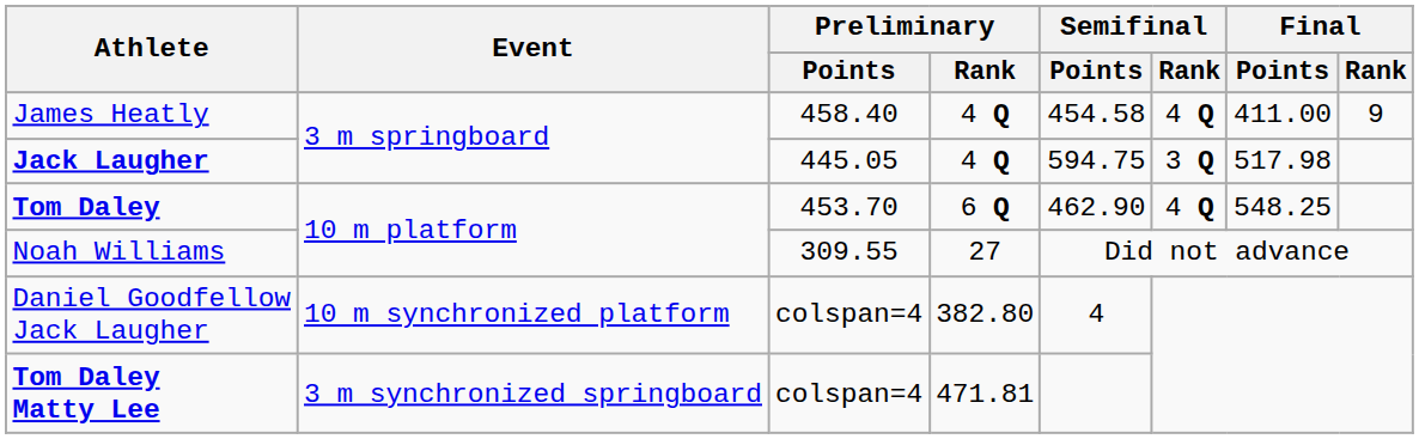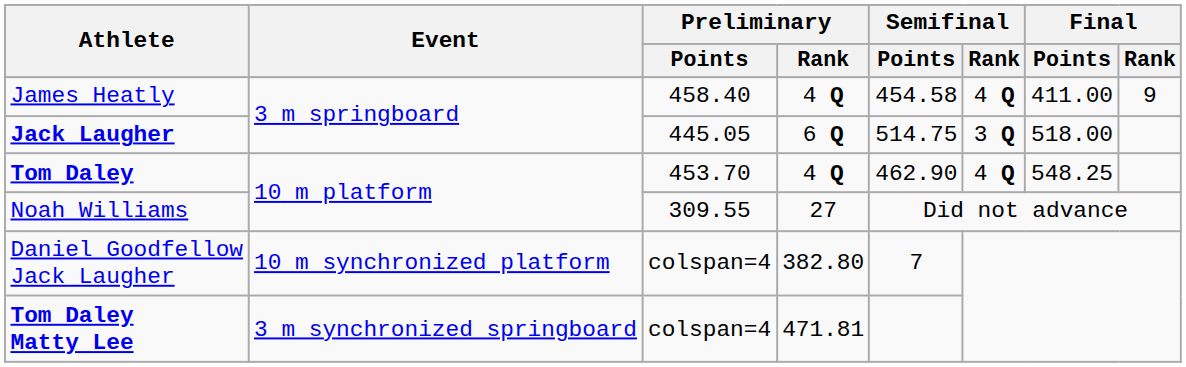 <table class=wikitable style=font-size:90%;text-align:center>
 <tr>
 <th rowspan=2>Athlete</th>
 <th rowspan=2>Event</th>
 <th colspan=2>Preliminary</th>
 <th colspan=2>Semifinal</th>
 <th colspan=2>Final</th>
 </tr>
 <tr style=font-size:95%>
 <th>Points</th>
 <th>Rank</th>
 <th>Points</th>
 <th>Rank</th>
 <th>Points</th>
 <th>Rank</th>
 </tr>
 <tr>
 <td align=left><a href='#'>James Heatly</a></td>
 <td align=left rowspan=2><a href='#'>3 m springboard</a></td>
 <td>458.40</td>
 <td>4 <strong>Q</strong></td>
 <td>454.58</td>
 <td>4 <strong>Q</strong></td>
 <td>411.00</td>
 <td>9</td>
 </tr>
 <tr>
 <td align=left><strong><a href='#'>Jack Laugher</a></strong></td>
 <td>445.05</td>
-<td>4 <strong>Q</strong></td>
-<td>594.75</td>
+<td>6 <strong>Q</strong></td>
+<td>514.75</td>
 <td>3 <strong>Q</strong></td>
-<td>517.98</td>
+<td>518.00</td>
 <td></td>
 </tr>
 <tr>
 <td align=left><strong><a href='#'>Tom Daley</a></strong></td>
 <td align=left rowspan=2><a href='#'>10 m platform</a></td>
 <td>453.70</td>
-<td>6 <strong>Q</strong></td>
+<td>4 <strong>Q</strong></td>
 <td>462.90</td>
 <td>4 <strong>Q</strong></td>
 <td>548.25</td>
 <td></td>
 </tr>
 <tr>
 <td align=left><a href='#'>Noah Williams</a></td>
 <td>309.55</td>
 <td>27</td>
 <td colspan=4>Did not advance</td>
 </tr>
 <tr>
 <td align=left><a href='#'>Daniel Goodfellow</a><br><a href='#'>Jack Laugher</a></td>
 <td align=left><a href='#'>10 m synchronized platform</a></td>
 <td>colspan=4 </td>
 <td>382.80</td>
-<td>4</td>
+<td>7</td>
 </tr>
 <tr>
 <td align=left><strong><a href='#'>Tom Daley</a><br><a href='#'>Matty Lee</a></strong></td>
 <td align=left><a href='#'>3 m synchronized springboard</a></td>
 <td>colspan=4 </td>
 <td>471.81</td>
 <td></td>
 </tr>
 </table>
